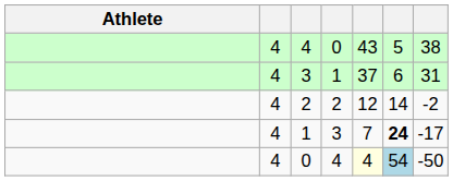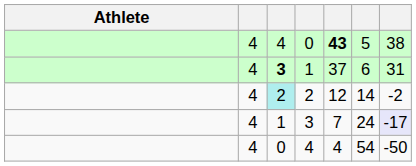 <table class="wikitable" style="text-align:center;">
 <tr>
 <th width=220>Athlete</th>
 <th width=20></th>
 <th width=20></th>
 <th width=20></th>
 <th width=20></th>
 <th width=20></th>
 <th width=20></th>
 </tr>
 <tr bgcolor=ccffcc>
 <td align="left"></td>
 <td>4</td>
 <td>4</td>
 <td>0</td>
-<td>43</td>
+<td><strong>43</strong></td>
 <td>5</td>
 <td>38</td>
 </tr>
 <tr bgcolor=ccffcc>
 <td align="left"></td>
 <td>4</td>
-<td>3</td>
+<td><strong>3</strong></td>
 <td>1</td>
 <td>37</td>
 <td>6</td>
 <td>31</td>
 </tr>
 <tr>
 <td align="left"></td>
 <td>4</td>
-<td>2</td>
+<td style="background: paleturquoise;">2</td>
 <td>2</td>
 <td>12</td>
 <td>14</td>
 <td>-2</td>
 </tr>
 <tr>
 <td align="left"></td>
 <td>4</td>
 <td>1</td>
 <td>3</td>
 <td>7</td>
-<td><strong>24</strong></td>
-<td>-17</td>
+<td>24</td>
+<td style="background: lavender;">-17</td>
 </tr>
 <tr>
 <td align="left"></td>
 <td>4</td>
 <td>0</td>
 <td>4</td>
-<td style="background: lightyellow;">4</td>
-<td style="background: lightblue;">54</td>
+<td>4</td>
+<td>54</td>
 <td>-50</td>
 </tr>
 </table>
